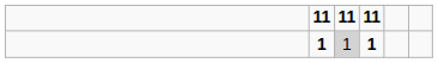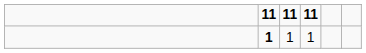 <table class="wikitable">
 <tr>
 <td style="width:18em"><strong></strong></td>
 <td align=center style="width:1em"><strong>11</strong></td>
 <td align=center style="width:1em"><strong>11</strong></td>
 <td align=center style="width:1em"><strong>11</strong></td>
 <td align=center style="width:1em"></td>
 <td align=center style="width:1em"></td>
 </tr>
 <tr>
 <td style="width:18em"></td>
 <td align=center style="width:1em"><strong>1</strong></td>
-<td align=center style="background: lightgrey; width:1em">1</td>
-<td align=center style="width:1em"><strong>1</strong></td>
+<td align=center style="width:1em">1</td>
+<td align=center style="width:1em">1</td>
 <td align=center style="width:1em"></td>
 <td align=center style="width:1em"></td>
 </tr>
 </table>
